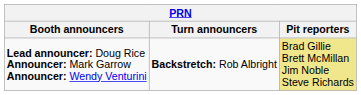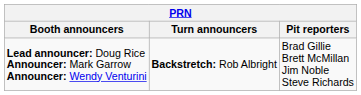 <table class="wikitable" style="font-size: 95%">
 <tr>
 <th colspan="3"><a href='#'>PRN</a></th>
 </tr>
 <tr>
 <th>Booth announcers</th>
 <th>Turn announcers</th>
 <th>Pit reporters</th>
 </tr>
 <tr>
 <td><strong>Lead announcer:</strong> Doug Rice<br><strong>Announcer:</strong> Mark Garrow<br><strong>Announcer:</strong> <a href='#'>Wendy Venturini</a></td>
 <td><strong>Backstretch:</strong> Rob Albright</td>
-<td style="background: khaki;">Brad Gillie<br>Brett McMillan<br>Jim Noble<br>Steve Richards</td>
+<td>Brad Gillie<br>Brett McMillan<br>Jim Noble<br>Steve Richards</td>
 </tr>
 </table>
